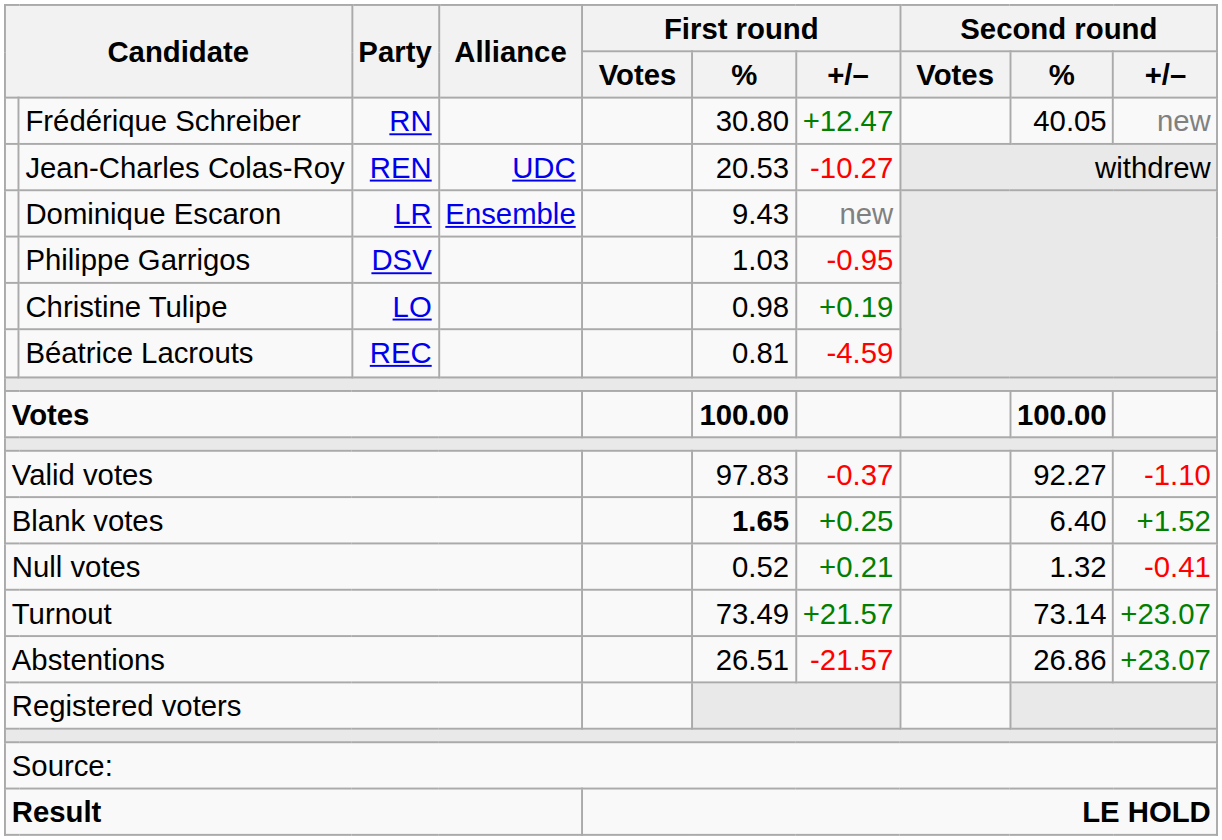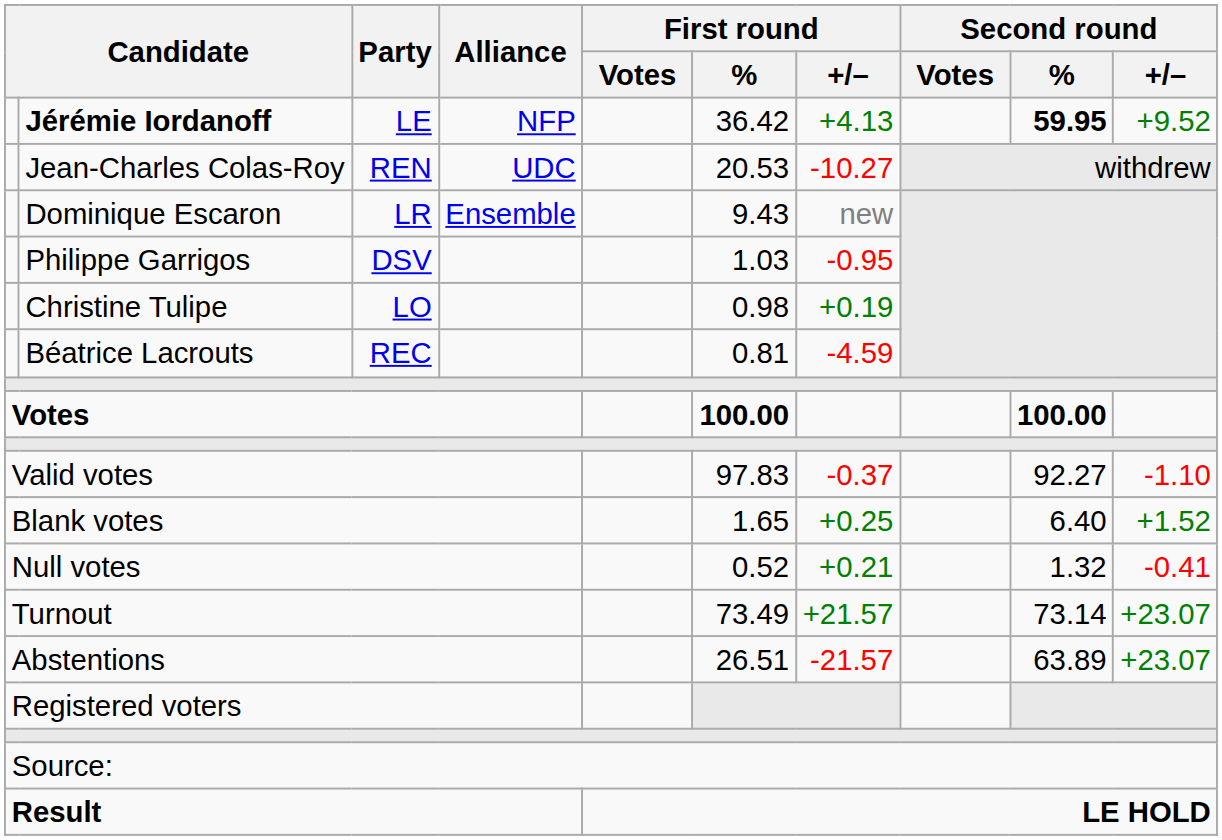 <table class="wikitable" style="text-align:right;font-size:95%;">
 <tr>
 <th rowspan="2" colspan="2">Candidate</th>
 <th colspan="1" rowspan="2">Party</th>
 <th colspan="1" rowspan="2">Alliance</th>
 <th colspan="3">First round</th>
 <th colspan="3">Second round</th>
 </tr>
 <tr>
 <th style="width:50px;">Votes</th>
 <th style="width:45px;">%</th>
 <th style="width:45px;">+/–</th>
 <th style="width:50px;">Votes</th>
 <th style="width:45px;">%</th>
 <th style="width:45px;">+/–</th>
 </tr>
 <tr>
 <td style="color:inherit;background:"></td>
-<td style="text-align:left;">Frédérique Schreiber</td>
-<td><a href='#'>RN</a></td>
+<td style="text-align:left;"><strong>Jérémie Iordanoff</strong></td>
+<td><a href='#'>LE</a></td>
+<td><a href='#'>NFP</a></td>
 <td></td>
-<td></td>
-<td>30.80</td>
-<td style="color:green;">+12.47</td>
-<td></td>
-<td>40.05</td>
-<td style="color:grey;">new</td>
+<td>36.42</td>
+<td style="color:green;">+4.13</td>
+<td><strong></strong></td>
+<td><strong>59.95</strong></td>
+<td style="color:green;">+9.52</td>
 </tr>
 <tr>
 <td style="color:inherit;background:"></td>
 <td style="text-align:left;">Jean-Charles Colas-Roy</td>
 <td><a href='#'>REN</a></td>
 <td><a href='#'>UDC</a></td>
 <td></td>
 <td>20.53</td>
 <td style="color:red;">-10.27</td>
 <td colspan="3" style="background:#E9E9E9;">withdrew</td>
 </tr>
 <tr>
 <td style="color:inherit;background:"></td>
 <td style="text-align:left;">Dominique Escaron</td>
 <td><a href='#'>LR</a></td>
 <td><a href='#'>Ensemble</a></td>
 <td></td>
 <td>9.43</td>
 <td style="color:grey;">new</td>
 <td colspan="3" rowspan="4" style="background:#E9E9E9;"></td>
 </tr>
 <tr>
 <td style="color:inherit;background:"></td>
 <td style="text-align:left;">Philippe Garrigos</td>
 <td><a href='#'>DSV</a></td>
 <td></td>
 <td></td>
 <td>1.03</td>
 <td style="color:red;">-0.95</td>
 </tr>
 <tr>
 <td style="color:inherit;background:"></td>
 <td style="text-align:left;">Christine Tulipe</td>
 <td><a href='#'>LO</a></td>
 <td></td>
 <td></td>
 <td>0.98</td>
 <td style="color:green;">+0.19</td>
 </tr>
 <tr>
 <td style="color:inherit;background:"></td>
 <td style="text-align:left;">Béatrice Lacrouts</td>
 <td><a href='#'>REC</a></td>
 <td></td>
 <td></td>
 <td>0.81</td>
 <td style="color:red;">-4.59</td>
 </tr>
 <tr>
 <td colspan="10" style="background:#E9E9E9;"></td>
 </tr>
 <tr style="font-weight:bold;">
 <td colspan="4" style="text-align:left;">Votes</td>
 <td></td>
 <td>100.00</td>
 <td></td>
 <td></td>
 <td>100.00</td>
 <td></td>
 </tr>
 <tr>
 <td colspan="10" style="background:#E9E9E9;"></td>
 </tr>
 <tr>
 <td colspan="4" style="text-align:left;">Valid votes</td>
 <td></td>
 <td>97.83</td>
 <td style="color:red;">-0.37</td>
 <td></td>
 <td>92.27</td>
 <td style="color:red;">-1.10</td>
 </tr>
 <tr>
 <td colspan="4" style="text-align:left;">Blank votes</td>
 <td></td>
-<td><strong>1.65</strong></td>
+<td>1.65</td>
 <td style="color:green;">+0.25</td>
 <td></td>
 <td>6.40</td>
 <td style="color:green;">+1.52</td>
 </tr>
 <tr>
 <td colspan="4" style="text-align:left;">Null votes</td>
 <td></td>
 <td>0.52</td>
 <td style="color:green;">+0.21</td>
 <td></td>
 <td>1.32</td>
 <td style="color:red;">-0.41</td>
 </tr>
 <tr>
 <td colspan="4" style="text-align:left;">Turnout</td>
 <td></td>
 <td>73.49</td>
 <td style="color:green;">+21.57</td>
 <td></td>
 <td>73.14</td>
 <td style="color:green;">+23.07</td>
 </tr>
 <tr>
 <td colspan="4" style="text-align:left;">Abstentions</td>
 <td></td>
 <td>26.51</td>
 <td style="color:red;">-21.57</td>
 <td></td>
-<td>26.86</td>
+<td>63.89</td>
 <td style="color:green;">+23.07</td>
 </tr>
 <tr>
 <td colspan="4" style="text-align:left;">Registered voters</td>
 <td></td>
 <td colspan="2" style="background:#E9E9E9;"></td>
 <td></td>
 <td colspan="2" style="background:#E9E9E9;"></td>
 </tr>
 <tr>
 <td colspan="10" style="background:#E9E9E9;"></td>
 </tr>
 <tr>
 <td colspan="10" style="text-align:left;">Source: </td>
 </tr>
 <tr style="font-weight:bold">
 <td colspan="4" style="text-align:left;">Result</td>
 <td colspan="6" style="background-color:">LE HOLD</td>
 </tr>
 </table>
